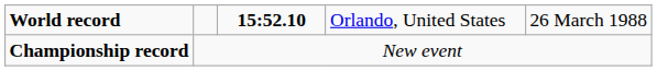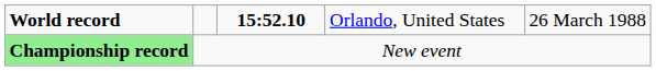 <table class="wikitable">
 <tr>
 <td><strong>World record</strong></td>
 <td style="padding-right:1em"></td>
 <td style="text-align:center;padding-left:1em; padding-right:1em;"><strong>15:52.10</strong></td>
 <td style="padding-right:1em"><a href='#'>Orlando</a>, United States</td>
 <td align=right>26 March 1988</td>
 </tr>
 <tr>
-<td><strong>Championship record</strong></td>
+<td style="background: lightgreen;"><strong>Championship record</strong></td>
 <td colspan="5" style="text-align:center;"><em>New event</em></td>
 </tr>
 </table>
